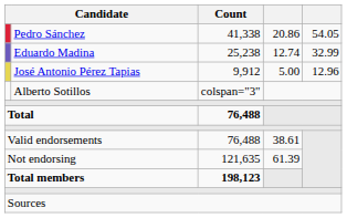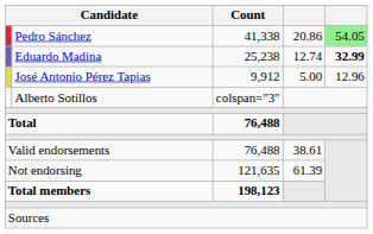 <table class="wikitable" style="text-align:right;">
 <tr>
 <th colspan="2" width="250">Candidate</th>
 <th width="60">Count</th>
 <th width="45"></th>
 <th width="45"></th>
 </tr>
 <tr>
 <td width="1" style="color:inherit;background:#DD2239"></td>
 <td align="left"><a href='#'>Pedro Sánchez</a></td>
 <td>41,338</td>
 <td>20.86</td>
-<td>54.05</td>
+<td style="background: lightgreen;">54.05</td>
 </tr>
 <tr>
 <td style="color:inherit;background:#6C5BBD"></td>
 <td align="left"><a href='#'>Eduardo Madina</a></td>
 <td>25,238</td>
 <td>12.74</td>
-<td>32.99</td>
+<td><strong>32.99</strong></td>
 </tr>
 <tr>
 <td style="color:inherit;background:#E6D753"></td>
 <td align="left"><a href='#'>José Antonio Pérez Tapias</a></td>
 <td>9,912</td>
 <td>5.00</td>
 <td>12.96</td>
 </tr>
 <tr>
 <td style="color:inherit;background:"></td>
 <td align="left">Alberto Sotillos</td>
 <td>colspan="3" </td>
 </tr>
 <tr>
 <td colspan="5" bgcolor="#E9E9E9"></td>
 </tr>
 <tr style="font-weight:bold;">
 <td align="left" colspan="2">Total</td>
 <td>76,488</td>
 <td bgcolor="#E9E9E9" colspan="2"></td>
 </tr>
 <tr>
 <td colspan="5" bgcolor="#E9E9E9"></td>
 </tr>
 <tr>
 <td align="left" colspan="2">Valid endorsements</td>
 <td>76,488</td>
 <td>38.61</td>
 <td rowspan="3" bgcolor="#E9E9E9"></td>
 </tr>
 <tr>
 <td align="left" colspan="2">Not endorsing</td>
 <td>121,635</td>
 <td>61.39</td>
 </tr>
 <tr style="font-weight:bold;">
 <td align="left" colspan="2">Total members</td>
 <td>198,123</td>
 <td bgcolor="#E9E9E9"></td>
 </tr>
 <tr>
 <td colspan="5" bgcolor="#E9E9E9"></td>
 </tr>
 <tr>
 <td align="left" colspan="5">Sources</td>
 </tr>
 </table>
